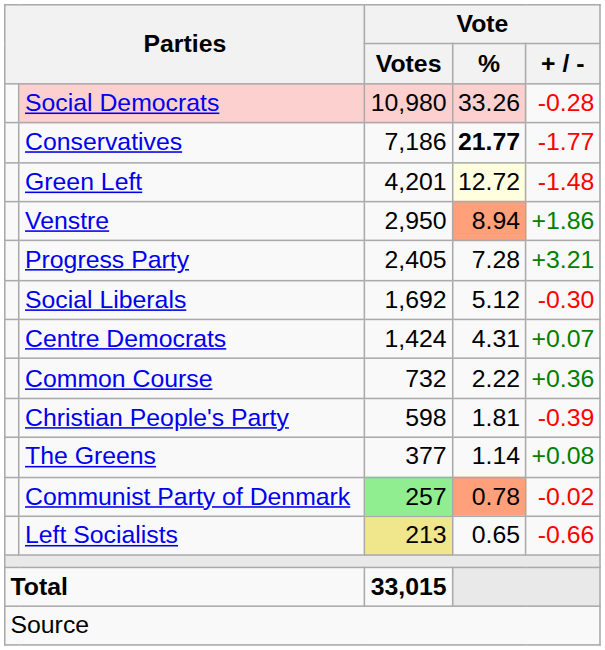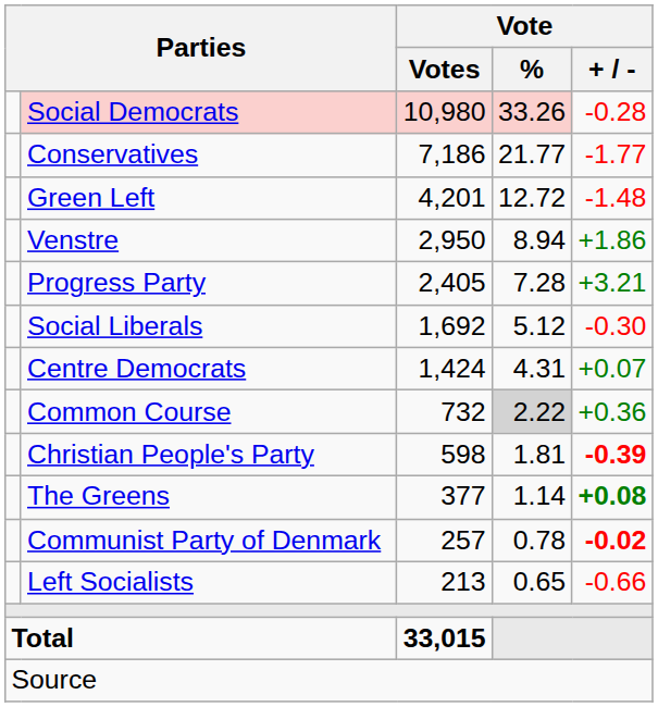 <table class="wikitable" style="text-align:right;">
 <tr>
 <th style="text-align:centre;" rowspan="2" colspan="2" width="225">Parties</th>
 <th colspan="3">Vote</th>
 </tr>
 <tr>
 <th width="15">Votes</th>
 <th width="15">%</th>
 <th width="15">+ / -</th>
 </tr>
 <tr>
 <td width="2" style="color:inherit;background:"></td>
 <td bgcolor=#fbd0ce  align="left"><a href='#'>Social Democrats</a></td>
 <td bgcolor=#fbd0ce>10,980</td>
 <td bgcolor=#fbd0ce>33.26</td>
 <td style=color:red;>-0.28</td>
 </tr>
 <tr>
 <td width="2" style="color:inherit;background:"></td>
 <td align="left"><a href='#'>Conservatives</a></td>
 <td>7,186</td>
-<td><strong>21.77</strong></td>
+<td>21.77</td>
 <td style=color:red;>-1.77</td>
 </tr>
 <tr>
 <td width="2" style="color:inherit;background:"></td>
 <td align="left"><a href='#'>Green Left</a></td>
 <td>4,201</td>
-<td style="background: lightyellow;">12.72</td>
+<td>12.72</td>
 <td style=color:red;>-1.48</td>
 </tr>
 <tr>
 <td width="2" style="color:inherit;background:"></td>
 <td align="left"><a href='#'>Venstre</a></td>
 <td>2,950</td>
-<td style="background: lightsalmon;">8.94</td>
+<td>8.94</td>
 <td style=color:green;>+1.86</td>
 </tr>
 <tr>
 <td width="2" style="color:inherit;background:"></td>
 <td align="left"><a href='#'>Progress Party</a></td>
 <td>2,405</td>
 <td>7.28</td>
 <td style=color:green;>+3.21</td>
 </tr>
 <tr>
 <td width="2" style="color:inherit;background:"></td>
 <td align="left"><a href='#'>Social Liberals</a></td>
 <td>1,692</td>
 <td>5.12</td>
 <td style=color:red;>-0.30</td>
 </tr>
 <tr>
 <td width="2" style="color:inherit;background:"></td>
 <td align="left"><a href='#'>Centre Democrats</a></td>
 <td>1,424</td>
 <td>4.31</td>
 <td style=color:green;>+0.07</td>
 </tr>
 <tr>
 <td width="2" style="color:inherit;background:"></td>
 <td align="left"><a href='#'>Common Course</a></td>
 <td>732</td>
-<td>2.22</td>
+<td style="background: lightgrey;">2.22</td>
 <td style=color:green;>+0.36</td>
 </tr>
 <tr>
 <td width="2" style="color:inherit;background:"></td>
 <td align="left"><a href='#'>Christian People's Party</a></td>
 <td>598</td>
 <td>1.81</td>
-<td style=color:red;>-0.39</td>
+<td style=color:red;><strong>-0.39</strong></td>
 </tr>
 <tr>
 <td width="2" style="color:inherit;background:"></td>
 <td align="left"><a href='#'>The Greens</a></td>
 <td>377</td>
 <td>1.14</td>
-<td style=color:green;>+0.08</td>
+<td style=color:green;><strong>+0.08</strong></td>
 </tr>
 <tr>
 <td width="2" style="color:inherit;background:"></td>
 <td align="left"><a href='#'>Communist Party of Denmark</a></td>
-<td style="background: lightgreen;">257</td>
-<td style="background: lightsalmon;">0.78</td>
-<td style=color:red;>-0.02</td>
+<td>257</td>
+<td>0.78</td>
+<td style=color:red;><strong>-0.02</strong></td>
 </tr>
 <tr>
 <td width="2" style="color:inherit;background:"></td>
 <td align="left"><a href='#'>Left Socialists</a></td>
-<td style="background: khaki;">213</td>
+<td>213</td>
 <td>0.65</td>
 <td style=color:red;>-0.66</td>
 </tr>
 <tr>
 <td colspan="7" bgcolor="#E9E9E9"></td>
 </tr>
 <tr>
 <td align="left" colspan="2"><strong>Total</strong></td>
 <td><strong>33,015</strong></td>
 <td bgcolor="#E9E9E9" colspan="2"></td>
 </tr>
 <tr>
 <td align="left" colspan="6">Source</td>
 </tr>
 </table>
